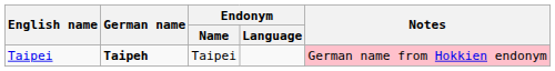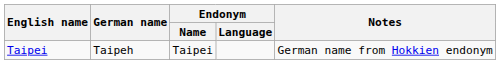 <table class="wikitable sortable mw-collapsible">
 <tr>
 <th rowspan="2">English name</th>
 <th rowspan="2">German name</th>
 <th colspan="2">Endonym</th>
 <th rowspan="2">Notes</th>
 </tr>
 <tr>
 <th>Name</th>
 <th>Language</th>
 </tr>
 <tr>
 <td><a href='#'>Taipei</a></td>
-<td><strong>Taipeh</strong></td>
+<td>Taipeh</td>
 <td>Taipei</td>
 <td></td>
-<td style="background: pink;">German name from <a href='#'>Hokkien</a> endonym</td>
+<td>German name from <a href='#'>Hokkien</a> endonym</td>
 </tr>
 </table>
